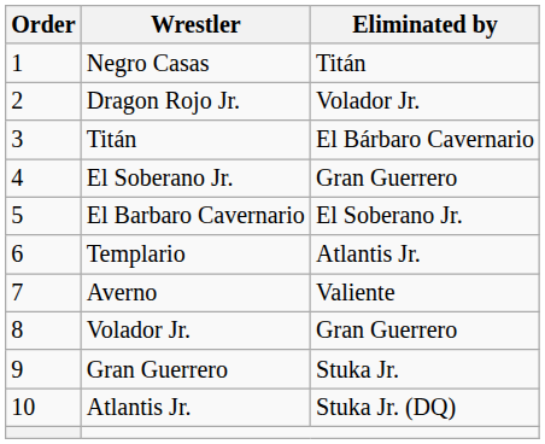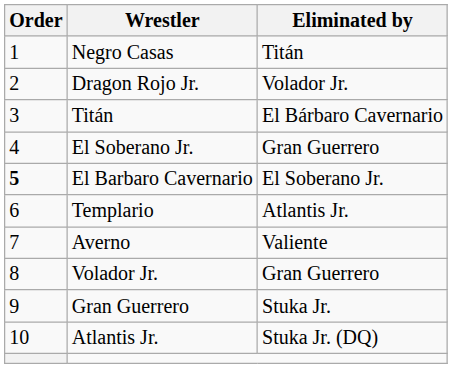 <table class="wikitable sortable">
 <tr>
 <th>Order</th>
 <th>Wrestler</th>
 <th>Eliminated by</th>
 </tr>
 <tr>
 <td>1</td>
 <td>Negro Casas</td>
 <td>Titán</td>
 </tr>
 <tr>
 <td>2</td>
 <td>Dragon Rojo Jr.</td>
 <td>Volador Jr.</td>
 </tr>
 <tr>
 <td>3</td>
 <td>Titán</td>
 <td>El Bárbaro Cavernario</td>
 </tr>
 <tr>
 <td>4</td>
 <td>El Soberano Jr.</td>
 <td>Gran Guerrero</td>
 </tr>
 <tr>
-<td>5</td>
+<td><strong>5</strong></td>
 <td>El Barbaro Cavernario</td>
 <td>El Soberano Jr.</td>
 </tr>
 <tr>
 <td>6</td>
 <td>Templario</td>
 <td>Atlantis Jr.</td>
 </tr>
 <tr>
 <td>7</td>
 <td>Averno</td>
 <td>Valiente</td>
 </tr>
 <tr>
 <td>8</td>
 <td>Volador Jr.</td>
 <td>Gran Guerrero</td>
 </tr>
 <tr>
 <td>9</td>
 <td>Gran Guerrero</td>
 <td>Stuka Jr.</td>
 </tr>
 <tr>
 <td>10</td>
 <td>Atlantis Jr.</td>
 <td>Stuka Jr. (DQ)</td>
 </tr>
 <tr>
 <th></th>
 <td colspan=2></td>
 </tr>
 </table>
